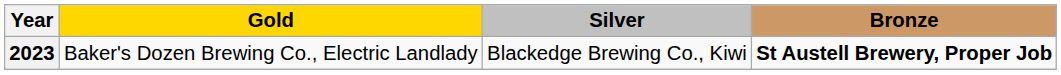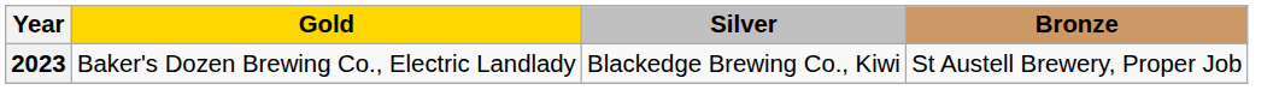 <table class="wikitable">
 <tr>
 <th>Year</th>
 <th style="background:gold;"><strong>Gold</strong></th>
 <th style="background:silver;"><strong>Silver</strong></th>
 <th style="background:#c96;"><strong>Bronze</strong></th>
 </tr>
 <tr>
 <th>2023</th>
 <td>Baker's Dozen Brewing Co., Electric Landlady </td>
 <td>Blackedge Brewing Co., Kiwi</td>
-<td><strong>St Austell Brewery, Proper Job</strong></td>
+<td>St Austell Brewery, Proper Job</td>
 </tr>
 <tr>
 </tr>
 </table>
